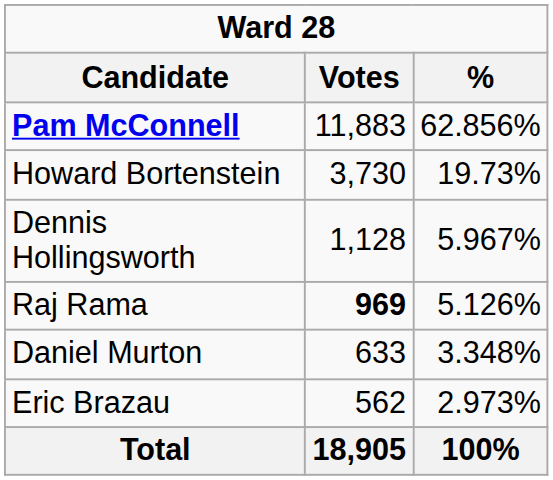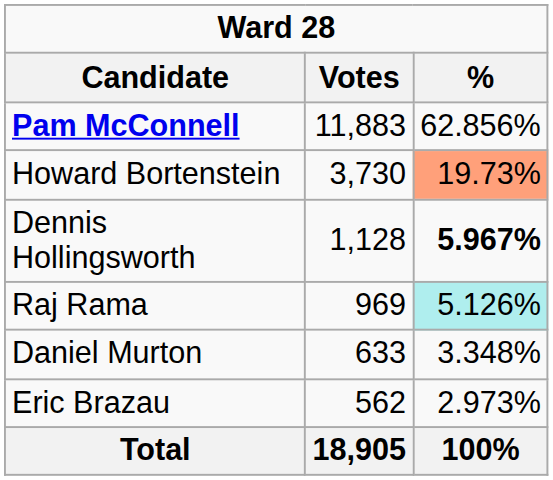 <table class="wikitable">
 <tr>
 <td Colspan="3" align="center"><strong>Ward 28</strong></td>
 </tr>
 <tr>
 <th bgcolor="#DDDDFF" width="150px">Candidate</th>
 <th bgcolor="#DDDDFF">Votes</th>
 <th bgcolor="#DDDDFF">%</th>
 </tr>
 <tr>
 <td><strong><a href='#'>Pam McConnell</a></strong></td>
 <td align=right>11,883</td>
 <td align=right>62.856%</td>
 </tr>
 <tr>
 <td>Howard Bortenstein</td>
 <td align=right>3,730</td>
-<td align=right>19.73%</td>
+<td align=right style="background: lightsalmon;">19.73%</td>
 </tr>
 <tr>
 <td>Dennis Hollingsworth</td>
 <td align=right>1,128</td>
-<td align=right>5.967%</td>
+<td align=right><strong>5.967%</strong></td>
 </tr>
 <tr>
 <td>Raj Rama</td>
-<td align=right><strong>969</strong></td>
-<td align=right>5.126%</td>
+<td align=right>969</td>
+<td align=right style="background: paleturquoise;">5.126%</td>
 </tr>
 <tr>
 <td>Daniel Murton</td>
 <td align=right>633</td>
 <td align=right>3.348%</td>
 </tr>
 <tr>
 <td>Eric Brazau</td>
 <td align=right>562</td>
 <td align=right>2.973%</td>
 </tr>
 <tr>
 <th>Total</th>
 <th align=right>18,905</th>
 <th align=right>100%</th>
 </tr>
 </table>
